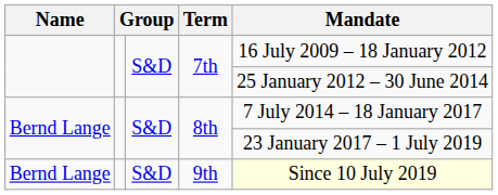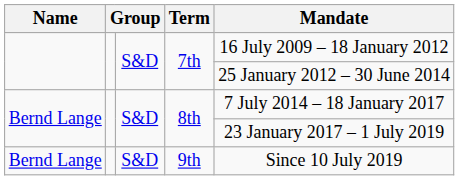 <table class="wikitable">
 <tr>
 <th>Name</th>
 <th colspan="2">Group</th>
 <th>Term</th>
 <th>Mandate</th>
 </tr>
 <tr align="center">
 <td rowspan="2" align="left"></td>
 <td rowspan="2" style="color:inherit;background-color:"></td>
 <td rowspan="2"><a href='#'>S&D</a></td>
 <td rowspan="2"><a href='#'>7th</a></td>
 <td>16 July 2009 – 18 January 2012</td>
 </tr>
 <tr align="center">
 <td>25 January 2012 – 30 June 2014</td>
 </tr>
 <tr align="center">
 <td rowspan="2" align="left"><a href='#'>Bernd Lange</a></td>
 <td rowspan="2" style="color:inherit;background-color:"></td>
 <td rowspan="2"><a href='#'>S&D</a></td>
 <td rowspan="2"><a href='#'>8th</a></td>
 <td>7 July 2014 – 18 January 2017</td>
 </tr>
 <tr align="center">
 <td>23 January 2017 – 1 July 2019</td>
 </tr>
 <tr align="center">
 <td rowspan="2" align="left"><a href='#'>Bernd Lange</a></td>
 <td rowspan="2" style="color:inherit;background-color:"></td>
 <td rowspan="2"><a href='#'>S&D</a></td>
 <td rowspan="2"><a href='#'>9th</a></td>
-<td style="background: lightyellow;">Since 10 July 2019</td>
+<td>Since 10 July 2019</td>
 </tr>
 </table>
